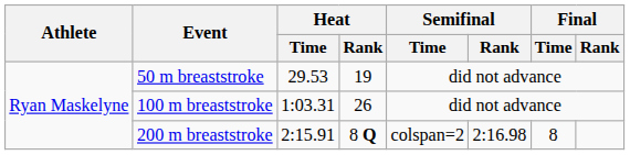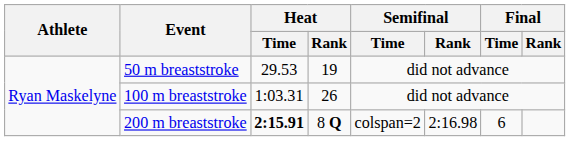 <table class=wikitable style=font-size:90%>
 <tr>
 <th rowspan=2>Athlete</th>
 <th rowspan=2>Event</th>
 <th colspan=2>Heat</th>
 <th colspan=2>Semifinal</th>
 <th colspan=2>Final</th>
 </tr>
 <tr style=font-size:95%>
 <th>Time</th>
 <th>Rank</th>
 <th>Time</th>
 <th>Rank</th>
 <th>Time</th>
 <th>Rank</th>
 </tr>
 <tr align=center>
 <td align=left rowspan=3><a href='#'>Ryan Maskelyne</a></td>
 <td align=left><a href='#'>50 m breaststroke</a></td>
 <td>29.53</td>
 <td>19</td>
 <td colspan=4>did not advance</td>
 </tr>
 <tr align=center>
 <td align=left rowspan="1"><a href='#'>100 m breaststroke</a></td>
 <td>1:03.31</td>
 <td>26</td>
 <td colspan=4>did not advance</td>
 </tr>
 <tr align=center>
 <td align=left rowspan="1"><a href='#'>200 m breaststroke</a></td>
-<td>2:15.91</td>
+<td><strong>2:15.91</strong></td>
 <td>8 <strong>Q</strong></td>
 <td>colspan=2 </td>
 <td>2:16.98</td>
-<td>8</td>
+<td>6</td>
 </tr>
 </table>
